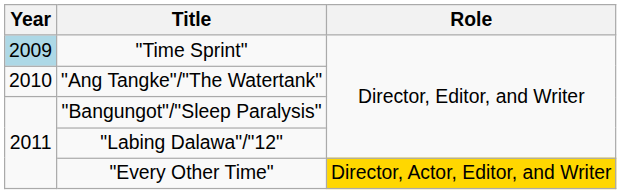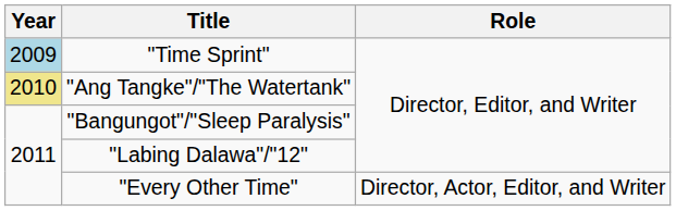 <table class="wikitable" style="text-align:center">
 <tr>
 <th>Year</th>
 <th>Title</th>
 <th>Role</th>
 </tr>
 <tr>
 <td style="background: lightblue;">2009</td>
 <td>"Time Sprint"</td>
 <td rowspan=4>Director, Editor, and Writer</td>
 </tr>
 <tr>
-<td>2010</td>
+<td style="background: khaki;">2010</td>
 <td>"Ang Tangke"/"The Watertank"</td>
 </tr>
 <tr>
 <td rowspan=3>2011</td>
 <td>"Bangungot"/"Sleep Paralysis"</td>
 </tr>
 <tr>
 <td>"Labing Dalawa"/"12"</td>
 </tr>
 <tr>
 <td>"Every Other Time"</td>
-<td style="background: gold;">Director, Actor, Editor, and Writer</td>
+<td>Director, Actor, Editor, and Writer</td>
 </tr>
 </table>
